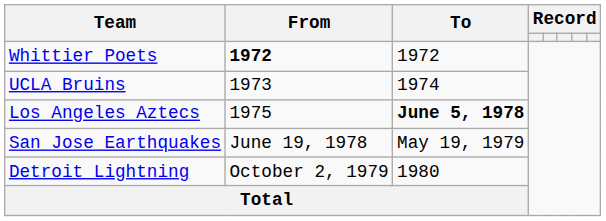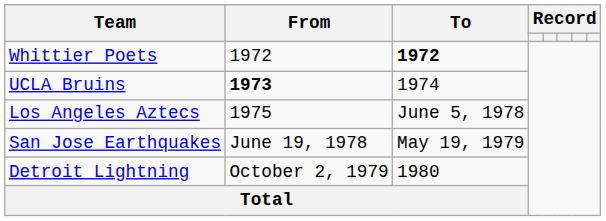 <table class=wikitable style=text-align:center>
 <tr>
 <th rowspan=2>Team</th>
 <th rowspan=2>From</th>
 <th rowspan=2>To</th>
 <th colspan=5>Record</th>
 </tr>
 <tr>
 <th></th>
 <th></th>
 <th></th>
 <th></th>
 <th></th>
 </tr>
 <tr>
 <td align=left><a href='#'>Whittier Poets</a></td>
-<td align=left><strong>1972</strong></td>
-<td align=left>1972<br></td>
+<td align=left>1972</td>
+<td align=left><strong>1972<br></strong></td>
 </tr>
 <tr>
 <td align=left><a href='#'>UCLA Bruins</a></td>
-<td align=left>1973</td>
+<td align=left><strong>1973</strong></td>
 <td align=left>1974<br></td>
 </tr>
 <tr>
 <td align=left><a href='#'>Los Angeles Aztecs</a></td>
 <td align=left>1975</td>
-<td align=left><strong>June 5, 1978<br></strong></td>
+<td align=left>June 5, 1978<br></td>
 </tr>
 <tr>
 <td align=left><a href='#'>San Jose Earthquakes</a></td>
 <td align=left>June 19, 1978</td>
 <td align=left>May 19, 1979<br></td>
 </tr>
 <tr>
 <td align=left><a href='#'>Detroit Lightning</a></td>
 <td align=left>October 2, 1979</td>
 <td align=left>1980<br></td>
 </tr>
 <tr>
 <th colspan="3">Total<br></th>
 </tr>
 </table>
